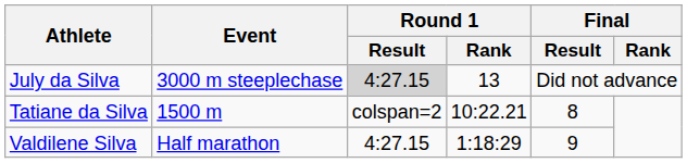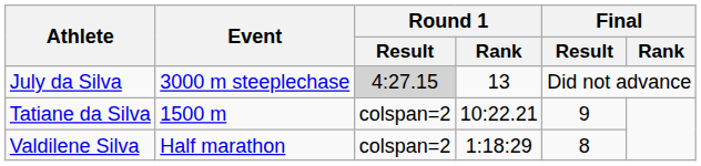 <table class="wikitable" style="font-size:90%">
 <tr>
 <th rowspan="2">Athlete</th>
 <th rowspan="2">Event</th>
 <th colspan="2">Round 1</th>
 <th colspan="2">Final</th>
 </tr>
 <tr style="font-size:95%">
 <th>Result</th>
 <th>Rank</th>
 <th>Result</th>
 <th>Rank</th>
 </tr>
 <tr align=center>
 <td align=left><a href='#'>July da Silva</a></td>
 <td align=left><a href='#'>3000 m steeplechase</a></td>
 <td style="background: lightgrey;">4:27.15</td>
 <td>13</td>
 <td colspan=2>Did not advance</td>
 </tr>
 <tr align=center>
 <td align=left><a href='#'>Tatiane da Silva</a></td>
 <td align=left><a href='#'>1500 m</a></td>
 <td>colspan=2 </td>
 <td>10:22.21</td>
-<td>8</td>
+<td>9</td>
 </tr>
 <tr align=center>
 <td align=left><a href='#'>Valdilene Silva</a></td>
 <td align=left><a href='#'>Half marathon</a></td>
-<td>4:27.15</td>
+<td>colspan=2 </td>
 <td>1:18:29</td>
-<td>9</td>
+<td>8</td>
 </tr>
 </table>
